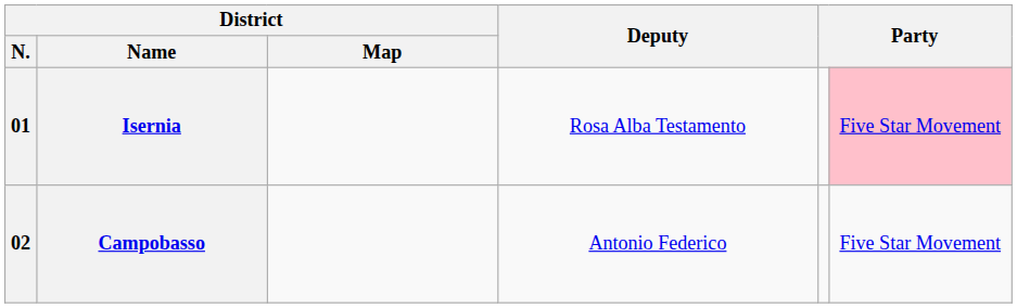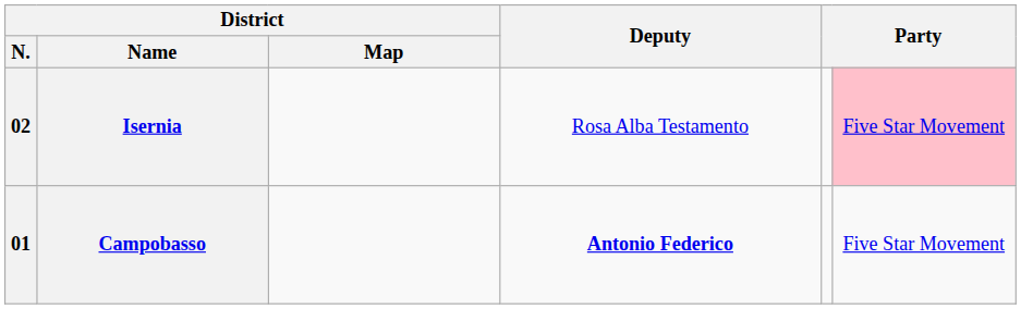 <table class="wikitable" style="text-align:center; style="width=65%">
 <tr>
 <th width=35% colspan="3">District</th>
 <th width=25% rowspan="2">Deputy</th>
 <th width=15% colspan="2" rowspan="2">Party</th>
 </tr>
 <tr>
 <th width=1%>N.</th>
 <th width=18%>Name</th>
 <th width=18%>Map</th>
 </tr>
 <tr style="height:6em;">
-<th>01</th>
+<th>02</th>
 <th><a href='#'>Isernia</a></th>
 <td></td>
 <td><a href='#'>Rosa Alba Testamento</a></td>
 <td style="background:"></td>
 <td style="background: pink;"><a href='#'>Five Star Movement</a></td>
 </tr>
 <tr style="height:6em;">
-<th>02</th>
+<th>01</th>
 <th><a href='#'>Campobasso</a></th>
 <td></td>
-<td><a href='#'>Antonio Federico</a></td>
+<td><strong><a href='#'>Antonio Federico</a></strong></td>
 <td style="background:"></td>
 <td colspan=3><a href='#'>Five Star Movement</a></td>
 </tr>
 </table>
